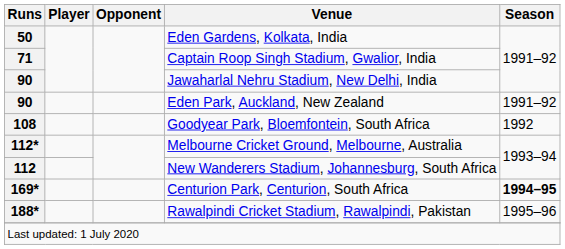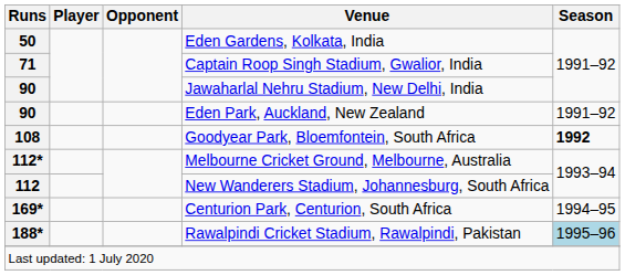 <table class="wikitable plainrowheaders sortable">
 <tr>
 <th scope=col>Runs</th>
 <th scope=col>Player</th>
 <th scope=col>Opponent</th>
 <th scope=col>Venue</th>
 <th scope=col>Season</th>
 </tr>
 <tr>
 <th>50</th>
 <td rowspan=3></td>
 <td rowspan=3></td>
 <td><a href='#'>Eden Gardens</a>, <a href='#'>Kolkata</a>, India</td>
 <td rowspan=3>1991–92</td>
 </tr>
 <tr>
 <th>71</th>
 <td><a href='#'>Captain Roop Singh Stadium</a>, <a href='#'>Gwalior</a>, India</td>
 </tr>
 <tr>
 <th>90</th>
 <td><a href='#'>Jawaharlal Nehru Stadium</a>, <a href='#'>New Delhi</a>, India</td>
 </tr>
 <tr>
 <th>90</th>
 <td></td>
 <td></td>
 <td><a href='#'>Eden Park</a>, <a href='#'>Auckland</a>, New Zealand</td>
 <td>1991–92 </td>
 </tr>
 <tr>
 <th>108</th>
 <td></td>
 <td></td>
 <td><a href='#'>Goodyear Park</a>, <a href='#'>Bloemfontein</a>, South Africa</td>
-<td>1992</td>
+<td><strong>1992</strong></td>
 </tr>
 <tr>
 <th>112*</th>
 <td></td>
 <td rowspan=2></td>
 <td><a href='#'>Melbourne Cricket Ground</a>, <a href='#'>Melbourne</a>, Australia</td>
 <td rowspan=2>1993–94</td>
 </tr>
 <tr>
 <th>112</th>
 <td></td>
 <td><a href='#'>New Wanderers Stadium</a>, <a href='#'>Johannesburg</a>, South Africa</td>
 </tr>
 <tr>
 <th>169*</th>
 <td></td>
 <td></td>
 <td><a href='#'>Centurion Park</a>, <a href='#'>Centurion</a>, South Africa</td>
-<td><strong>1994–95</strong></td>
+<td>1994–95</td>
 </tr>
 <tr>
 <th>188*</th>
 <td></td>
 <td></td>
 <td><a href='#'>Rawalpindi Cricket Stadium</a>, <a href='#'>Rawalpindi</a>, Pakistan</td>
-<td>1995–96 </td>
+<td style="background: lightblue;">1995–96 </td>
 </tr>
 <tr>
 </tr>
 <tr class=sortbottom>
 <td colspan=5><small>Last updated: 1 July 2020</small></td>
 </tr>
 </table>
